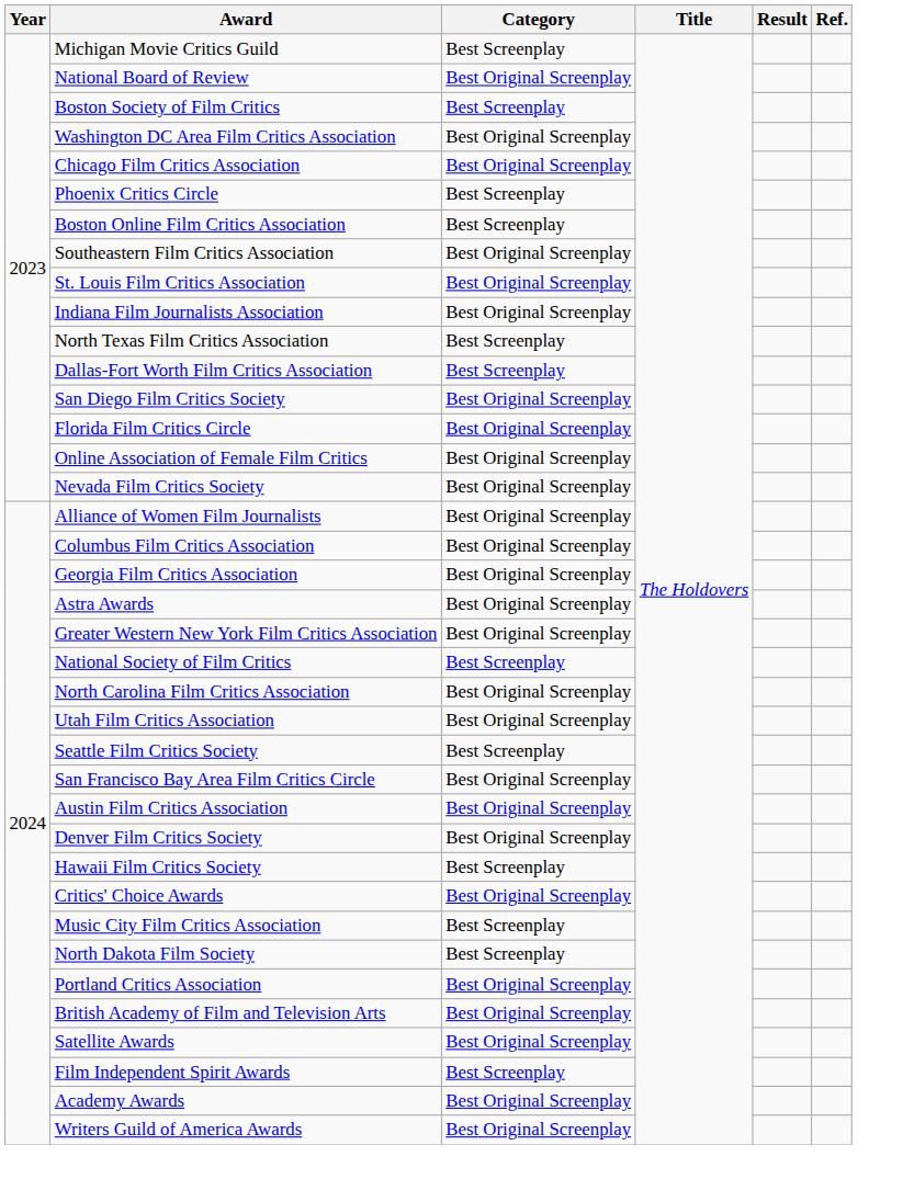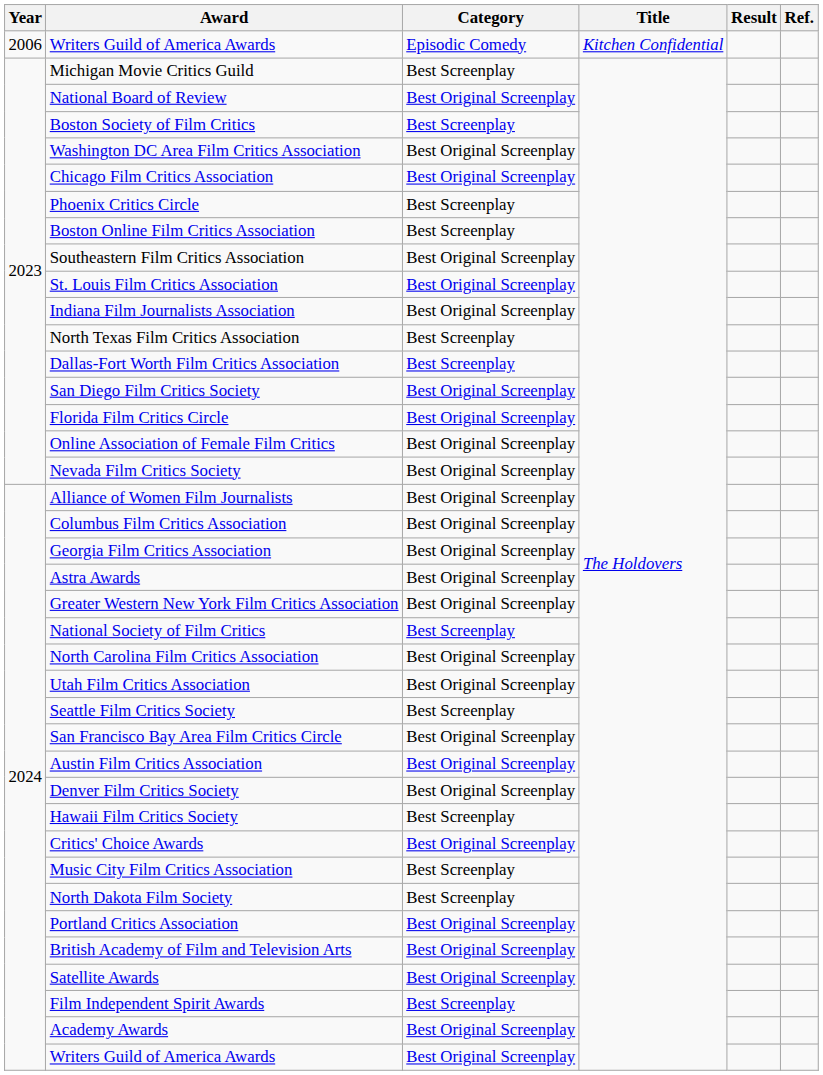 <table class="wikitable">
 <tr>
 <th>Year</th>
 <th>Award</th>
 <th>Category</th>
 <th>Title</th>
 <th>Result</th>
 <th>Ref.</th>
+</tr>
+<tr>
+<td "row">2006</td>
+<td><a href='#'>Writers Guild of America Awards</a></td>
+<td><a href='#'>Episodic Comedy</a></td>
+<td><em><a href='#'>Kitchen Confidential</a></em></td>
+<td></td>
+<td align="center"></td>
 </tr>
 <tr>
 <td rowspan="16">2023</td>
 <td>Michigan Movie Critics Guild</td>
 <td>Best Screenplay</td>
 <td rowspan="38"><em><a href='#'>The Holdovers</a></em></td>
 <td></td>
 <td align="center"></td>
 </tr>
 <tr>
 <td><a href='#'>National Board of Review</a></td>
 <td><a href='#'>Best Original Screenplay</a></td>
 <td></td>
 <td align="center"></td>
 </tr>
 <tr>
 <td><a href='#'>Boston Society of Film Critics</a></td>
 <td><a href='#'>Best Screenplay</a></td>
 <td></td>
 <td align="center"></td>
 </tr>
 <tr>
 <td><a href='#'>Washington DC Area Film Critics Association</a></td>
 <td>Best Original Screenplay</td>
 <td></td>
 <td align="center"></td>
 </tr>
 <tr>
 <td><a href='#'>Chicago Film Critics Association</a></td>
 <td><a href='#'>Best Original Screenplay</a></td>
 <td></td>
 <td align="center"></td>
 </tr>
 <tr>
 <td><a href='#'>Phoenix Critics Circle</a></td>
 <td>Best Screenplay</td>
 <td></td>
 <td align="center"></td>
 </tr>
 <tr>
 <td><a href='#'>Boston Online Film Critics Association</a></td>
 <td>Best Screenplay</td>
 <td> </td>
 <td align="center"></td>
 </tr>
 <tr>
 <td>Southeastern Film Critics Association</td>
 <td>Best Original Screenplay</td>
 <td></td>
 <td align="center"></td>
 </tr>
 <tr>
 <td><a href='#'>St. Louis Film Critics Association</a></td>
 <td><a href='#'>Best Original Screenplay</a></td>
 <td></td>
 <td align="center"></td>
 </tr>
 <tr>
 <td><a href='#'>Indiana Film Journalists Association</a></td>
 <td>Best Original Screenplay</td>
 <td></td>
 <td align="center"></td>
 </tr>
 <tr>
 <td>North Texas Film Critics Association</td>
 <td>Best Screenplay</td>
 <td></td>
 <td align="center"></td>
 </tr>
 <tr>
 <td><a href='#'>Dallas-Fort Worth Film Critics Association</a></td>
 <td><a href='#'>Best Screenplay</a></td>
 <td></td>
 <td align="center"></td>
 </tr>
 <tr>
 <td><a href='#'>San Diego Film Critics Society</a></td>
 <td><a href='#'>Best Original Screenplay</a></td>
 <td></td>
 <td align="center"></td>
 </tr>
 <tr>
 <td><a href='#'>Florida Film Critics Circle</a></td>
 <td><a href='#'>Best Original Screenplay</a></td>
 <td></td>
 <td align="center"></td>
 </tr>
 <tr>
 <td><a href='#'>Online Association of Female Film Critics</a></td>
 <td>Best Original Screenplay</td>
 <td></td>
 <td align="center"></td>
 </tr>
 <tr>
 <td><a href='#'>Nevada Film Critics Society</a></td>
 <td>Best Original Screenplay</td>
 <td></td>
 <td align="center"></td>
 </tr>
 <tr>
 <td rowspan="22">2024</td>
 <td><a href='#'>Alliance of Women Film Journalists</a></td>
 <td>Best Original Screenplay</td>
 <td></td>
 <td align="center"></td>
 </tr>
 <tr>
 <td><a href='#'>Columbus Film Critics Association</a></td>
 <td>Best Original Screenplay</td>
 <td></td>
 <td align="center"></td>
 </tr>
 <tr>
 <td><a href='#'>Georgia Film Critics Association</a></td>
 <td>Best Original Screenplay</td>
 <td></td>
 <td align="center"></td>
 </tr>
 <tr>
 <td><a href='#'>Astra Awards</a></td>
 <td>Best Original Screenplay</td>
 <td></td>
 <td align="center"></td>
 </tr>
 <tr>
 <td><a href='#'>Greater Western New York Film Critics Association</a></td>
 <td>Best Original Screenplay</td>
 <td></td>
 <td align="center"></td>
 </tr>
 <tr>
 <td><a href='#'>National Society of Film Critics</a></td>
 <td><a href='#'>Best Screenplay</a></td>
 <td></td>
 <td align="center"></td>
 </tr>
 <tr>
 <td><a href='#'>North Carolina Film Critics Association</a></td>
 <td>Best Original Screenplay</td>
 <td></td>
 <td align="center"></td>
 </tr>
 <tr>
 <td><a href='#'>Utah Film Critics Association</a></td>
 <td>Best Original Screenplay</td>
 <td></td>
 <td align="center"></td>
 </tr>
 <tr>
 <td><a href='#'>Seattle Film Critics Society</a></td>
 <td>Best Screenplay</td>
 <td></td>
 <td align="center"></td>
 </tr>
 <tr>
 <td><a href='#'>San Francisco Bay Area Film Critics Circle</a></td>
 <td>Best Original Screenplay</td>
 <td></td>
 <td align="center"></td>
 </tr>
 <tr>
 <td><a href='#'>Austin Film Critics Association</a></td>
 <td><a href='#'>Best Original Screenplay</a></td>
 <td></td>
 <td align="center"></td>
 </tr>
 <tr>
 <td><a href='#'>Denver Film Critics Society</a></td>
 <td>Best Original Screenplay</td>
 <td></td>
 <td align="center"></td>
 </tr>
 <tr>
 <td><a href='#'>Hawaii Film Critics Society</a></td>
 <td>Best Screenplay</td>
 <td></td>
 <td align="center"></td>
 </tr>
 <tr>
 <td><a href='#'>Critics' Choice Awards</a></td>
 <td><a href='#'>Best Original Screenplay</a></td>
 <td></td>
 <td align="center"></td>
 </tr>
 <tr>
 <td><a href='#'>Music City Film Critics Association</a></td>
 <td>Best Screenplay</td>
 <td></td>
 <td align="center"></td>
 </tr>
 <tr>
 <td><a href='#'>North Dakota Film Society</a></td>
 <td>Best Screenplay</td>
 <td></td>
 <td align="center"></td>
 </tr>
 <tr>
 <td><a href='#'>Portland Critics Association</a></td>
 <td><a href='#'>Best Original Screenplay</a></td>
 <td></td>
 <td align="center"></td>
 </tr>
 <tr>
 <td><a href='#'>British Academy of Film and Television Arts</a></td>
 <td><a href='#'>Best Original Screenplay</a></td>
 <td></td>
 <td align="center"></td>
 </tr>
 <tr>
 <td><a href='#'>Satellite Awards</a></td>
 <td><a href='#'>Best Original Screenplay</a></td>
 <td></td>
 <td align="center"></td>
 </tr>
 <tr>
 <td><a href='#'>Film Independent Spirit Awards</a></td>
 <td><a href='#'>Best Screenplay</a></td>
 <td></td>
 <td align="center"></td>
 </tr>
 <tr>
 <td><a href='#'>Academy Awards</a></td>
 <td><a href='#'>Best Original Screenplay</a></td>
 <td></td>
 <td align="center"></td>
 </tr>
 <tr>
 <td><a href='#'>Writers Guild of America Awards</a></td>
 <td><a href='#'>Best Original Screenplay</a></td>
 <td></td>
 <td align="center"></td>
 </tr>
 </table>
